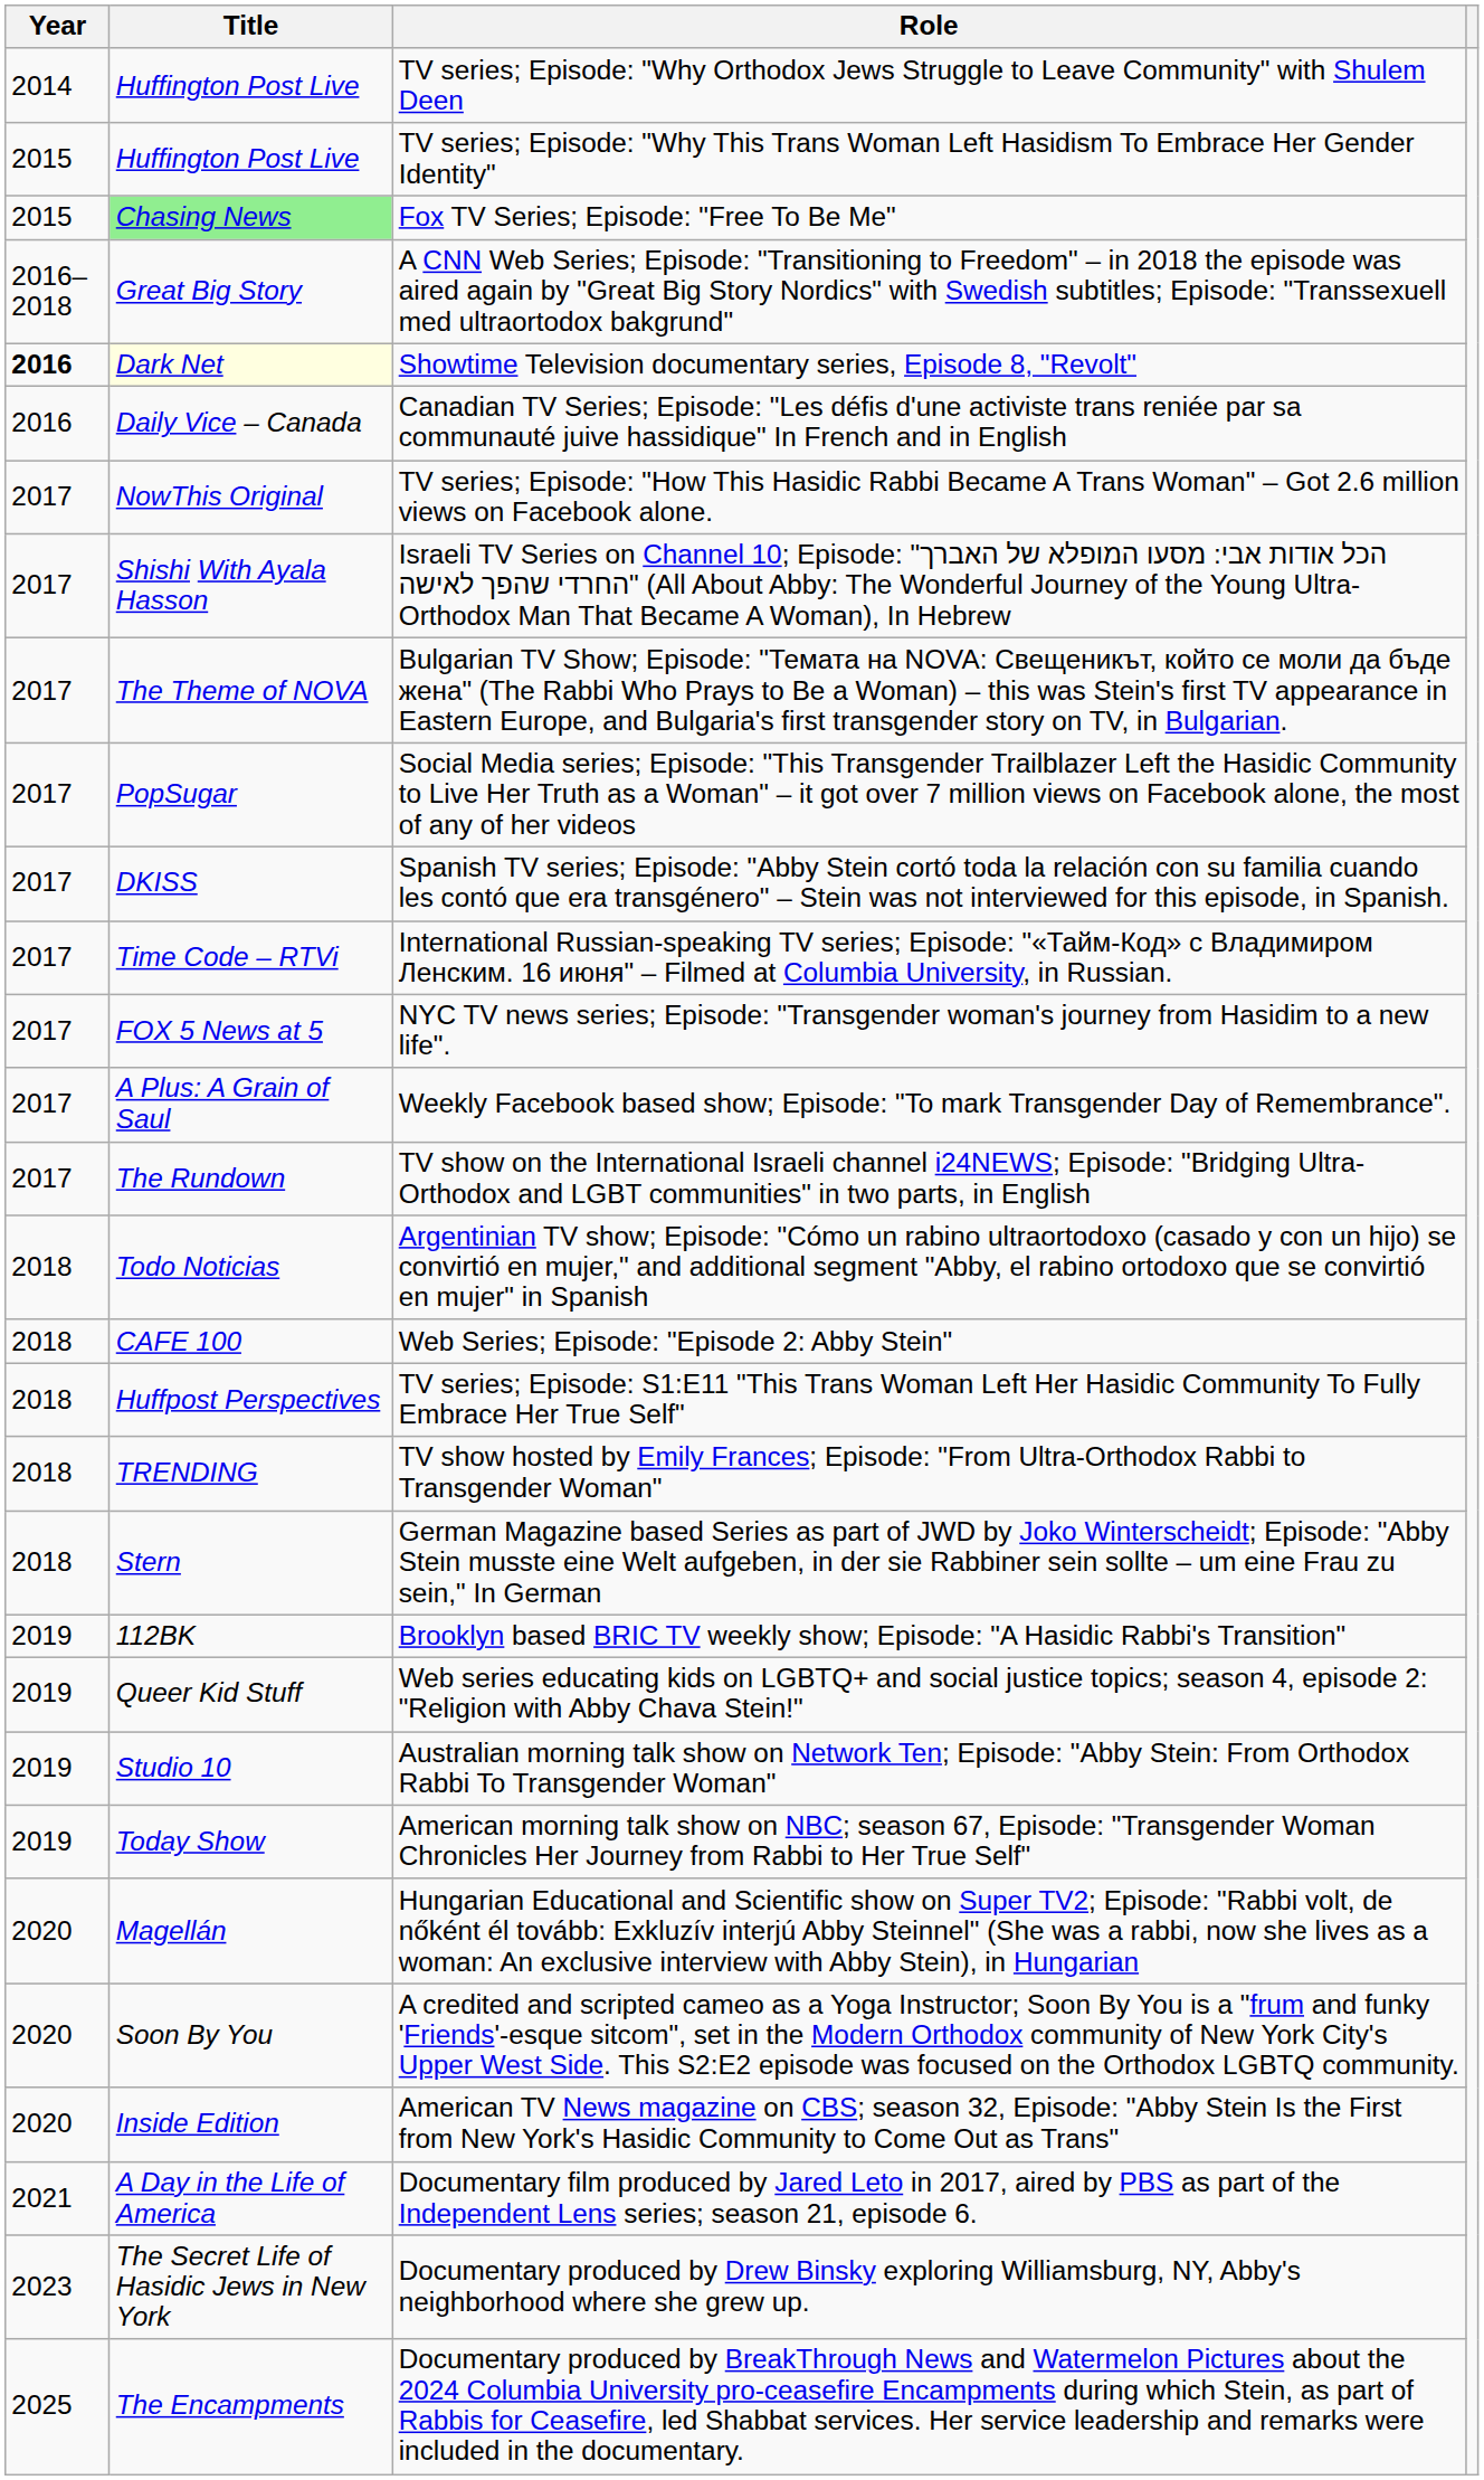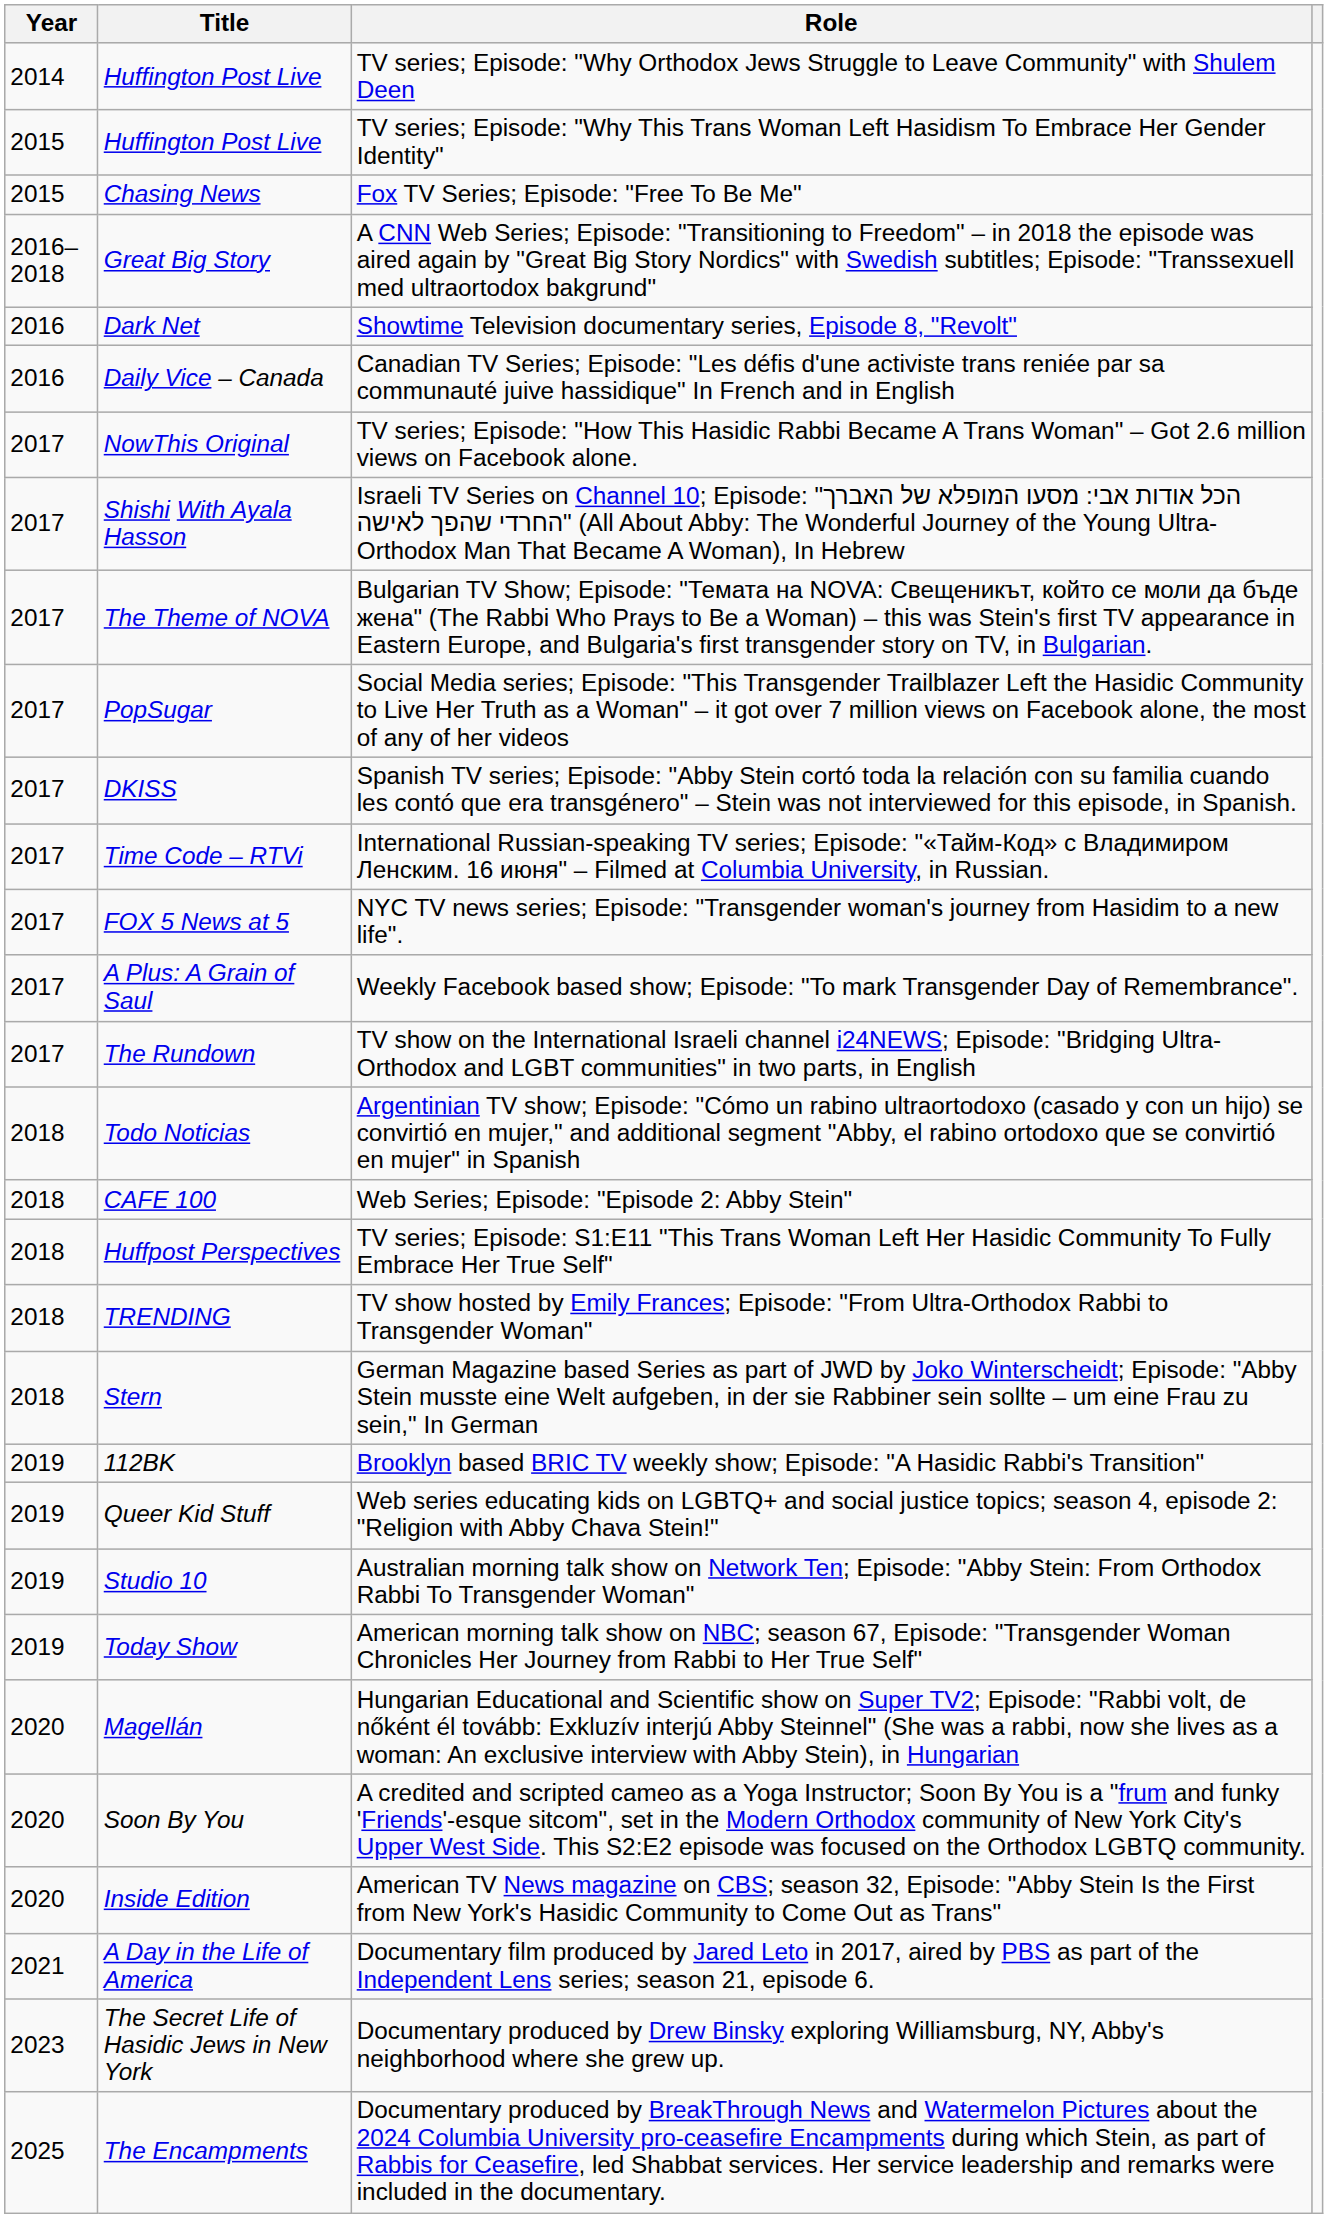 <table class="wikitable sortable">
 <tr>
 <th>Year</th>
 <th>Title</th>
 <th>Role</th>
 <th class="unsortable"></th>
 </tr>
 <tr>
 <td>2014</td>
 <td><em><a href='#'>Huffington Post Live</a></em></td>
 <td>TV series; Episode: "Why Orthodox Jews Struggle to Leave Community" with <a href='#'>Shulem Deen</a></td>
 </tr>
 <tr>
 <td>2015</td>
 <td><em><a href='#'>Huffington Post Live</a></em></td>
 <td>TV series; Episode: "Why This Trans Woman Left Hasidism To Embrace Her Gender Identity"</td>
 </tr>
 <tr>
 <td>2015</td>
-<td style="background: lightgreen;"><em><a href='#'>Chasing News</a></em></td>
+<td><em><a href='#'>Chasing News</a></em></td>
 <td><a href='#'>Fox</a> TV Series; Episode: "Free To Be Me"</td>
 </tr>
 <tr>
 <td>2016–2018</td>
 <td><em><a href='#'>Great Big Story</a></em></td>
 <td>A <a href='#'>CNN</a> Web Series; Episode: "Transitioning to Freedom" – in 2018 the episode was aired again by "Great Big Story Nordics" with <a href='#'>Swedish</a> subtitles; Episode: "Transsexuell med ultraortodox bakgrund"</td>
 </tr>
 <tr>
-<td><strong>2016</strong></td>
-<td style="background: lightyellow;"><em><a href='#'>Dark Net</a></em></td>
+<td>2016</td>
+<td><em><a href='#'>Dark Net</a></em></td>
 <td><a href='#'>Showtime</a> Television documentary series, <a href='#'>Episode 8, "Revolt"</a></td>
 </tr>
 <tr>
 <td>2016</td>
 <td><em><a href='#'>Daily Vice</a> – Canada</em></td>
 <td>Canadian TV Series; Episode: "Les défis d'une activiste trans reniée par sa communauté juive hassidique" In French and in English</td>
 </tr>
 <tr>
 <td>2017</td>
 <td><em><a href='#'>NowThis Original</a></em></td>
 <td>TV series; Episode: "How This Hasidic Rabbi Became A Trans Woman" – Got 2.6 million views on Facebook alone.</td>
 </tr>
 <tr>
 <td>2017</td>
 <td><em><a href='#'>Shishi</a> <a href='#'>With Ayala Hasson</a></em></td>
 <td>Israeli TV Series on <a href='#'>Channel 10</a>; Episode: "הכל אודות אבי: מסעו המופלא של האברך החרדי שהפך לאישה" (All About Abby: The Wonderful Journey of the Young Ultra-Orthodox Man That Became A Woman), In Hebrew</td>
 </tr>
 <tr>
 <td>2017</td>
 <td><em><a href='#'>The Theme of NOVA</a></em></td>
 <td>Bulgarian TV Show; Episode: "Темата на NOVA: Свещеникът, който се моли да бъде жена" (The Rabbi Who Prays to Be a Woman) – this was Stein's first TV appearance in Eastern Europe, and Bulgaria's first transgender story on TV, in <a href='#'>Bulgarian</a>.</td>
 </tr>
 <tr>
 <td>2017</td>
 <td><em><a href='#'>PopSugar</a></em></td>
 <td>Social Media series; Episode: "This Transgender Trailblazer Left the Hasidic Community to Live Her Truth as a Woman" – it got over 7 million views on Facebook alone, the most of any of her videos</td>
 </tr>
 <tr>
 <td>2017</td>
 <td><em><a href='#'>DKISS</a></em></td>
 <td>Spanish TV series; Episode: "Abby Stein cortó toda la relación con su familia cuando les contó que era transgénero" – Stein was not interviewed for this episode, in Spanish.</td>
 </tr>
 <tr>
 <td>2017</td>
 <td><em><a href='#'>Time Code – RTVi</a></em></td>
 <td>International Russian-speaking TV series; Episode: "«Тайм-Код» с Владимиром Ленским. 16 июня" – Filmed at <a href='#'>Columbia University</a>, in Russian.</td>
 </tr>
 <tr>
 <td>2017</td>
 <td><em><a href='#'>FOX 5 News at 5</a></em></td>
 <td>NYC TV news series; Episode: "Transgender woman's journey from Hasidim to a new life".</td>
 </tr>
 <tr>
 <td>2017</td>
 <td><em><a href='#'>A Plus: A Grain of Saul</a></em></td>
 <td>Weekly Facebook based show; Episode: "To mark Transgender Day of Remembrance".</td>
 </tr>
 <tr>
 <td>2017</td>
 <td><em><a href='#'>The Rundown</a></em></td>
 <td>TV show on the International Israeli channel <a href='#'>i24NEWS</a>; Episode: "Bridging Ultra-Orthodox and LGBT communities" in two parts, in English</td>
 </tr>
 <tr>
 <td>2018</td>
 <td><em><a href='#'>Todo Noticias</a></em></td>
 <td><a href='#'>Argentinian</a> TV show; Episode: "Cómo un rabino ultraortodoxo (casado y con un hijo) se convirtió en mujer," and additional segment "Abby, el rabino ortodoxo que se convirtió en mujer" in Spanish</td>
 </tr>
 <tr>
 <td>2018</td>
 <td><em><a href='#'>CAFE 100</a></em></td>
 <td>Web Series; Episode: "Episode 2: Abby Stein"</td>
 </tr>
 <tr>
 <td>2018</td>
 <td><em><a href='#'>Huffpost Perspectives</a></em></td>
 <td>TV series; Episode: S1:E11 "This Trans Woman Left Her Hasidic Community To Fully Embrace Her True Self"</td>
 </tr>
 <tr>
 <td>2018</td>
 <td><em><a href='#'>TRENDING</a></em></td>
 <td>TV show hosted by <a href='#'>Emily Frances</a>; Episode: "From Ultra-Orthodox Rabbi to Transgender Woman"</td>
 </tr>
 <tr>
 <td>2018</td>
 <td><em><a href='#'>Stern</a></em></td>
 <td>German Magazine based Series as part of JWD by <a href='#'>Joko Winterscheidt</a>; Episode: "Abby Stein musste eine Welt aufgeben, in der sie Rabbiner sein sollte – um eine Frau zu sein," In German</td>
 </tr>
 <tr>
 <td>2019</td>
 <td><em>112BK</em></td>
 <td><a href='#'>Brooklyn</a> based <a href='#'>BRIC TV</a> weekly show; Episode: "A Hasidic Rabbi's Transition"</td>
 </tr>
 <tr>
 <td>2019</td>
 <td><em>Queer Kid Stuff</em></td>
 <td>Web series educating kids on LGBTQ+ and social justice topics; season 4, episode 2: "Religion with Abby Chava Stein!"</td>
 </tr>
 <tr>
 <td>2019</td>
 <td><em><a href='#'>Studio 10</a></em></td>
 <td>Australian morning talk show on <a href='#'>Network Ten</a>; Episode: "Abby Stein: From Orthodox Rabbi To Transgender Woman"</td>
 </tr>
 <tr>
 <td>2019</td>
 <td><em><a href='#'>Today Show</a></em></td>
 <td>American morning talk show on <a href='#'>NBC</a>; season 67, Episode: "Transgender Woman Chronicles Her Journey from Rabbi to Her True Self"</td>
 </tr>
 <tr>
 <td>2020</td>
 <td><em><a href='#'>Magellán</a></em></td>
 <td>Hungarian Educational and Scientific show on <a href='#'>Super TV2</a>; Episode: "Rabbi volt, de nőként él tovább: Exkluzív interjú Abby Steinnel" (She was a rabbi, now she lives as a woman: An exclusive interview with Abby Stein), in <a href='#'>Hungarian</a></td>
 </tr>
 <tr>
 <td>2020</td>
 <td><em>Soon By You</em></td>
 <td>A credited and scripted cameo as a Yoga Instructor; Soon By You is a "<a href='#'>frum</a> and funky '<a href='#'>Friends</a>'-esque sitcom", set in the <a href='#'>Modern Orthodox</a> community of New York City's <a href='#'>Upper West Side</a>. This S2:E2 episode was focused on the Orthodox LGBTQ community.</td>
 </tr>
 <tr>
 <td>2020</td>
 <td><em><a href='#'>Inside Edition</a></em></td>
 <td>American TV <a href='#'>News magazine</a> on <a href='#'>CBS</a>; season 32, Episode: "Abby Stein Is the First from New York's Hasidic Community to Come Out as Trans"</td>
 </tr>
 <tr>
 <td>2021</td>
 <td><em><a href='#'>A Day in the Life of America</a></em></td>
 <td>Documentary film produced by <a href='#'>Jared Leto</a> in 2017, aired by <a href='#'>PBS</a> as part of the <a href='#'>Independent Lens</a> series; season 21, episode 6.</td>
 </tr>
 <tr>
 <td>2023</td>
 <td><em>The Secret Life of Hasidic Jews in New York</em></td>
 <td>Documentary produced by <a href='#'>Drew Binsky</a> exploring Williamsburg, NY, Abby's neighborhood where she grew up.</td>
 </tr>
 <tr>
 <td>2025</td>
 <td><em><a href='#'>The Encampments</a></em></td>
 <td>Documentary produced by <a href='#'>BreakThrough News</a> and <a href='#'>Watermelon Pictures</a> about the <a href='#'>2024 Columbia University pro-ceasefire Encampments</a> during which Stein, as part of <a href='#'>Rabbis for Ceasefire</a>, led Shabbat services. Her service leadership and remarks were included in the documentary.</td>
 </tr>
 </table>
